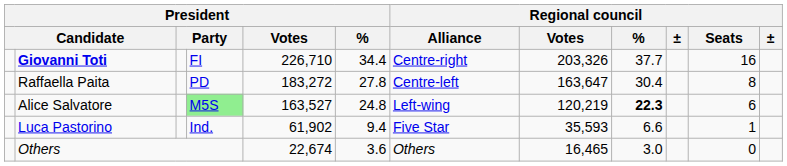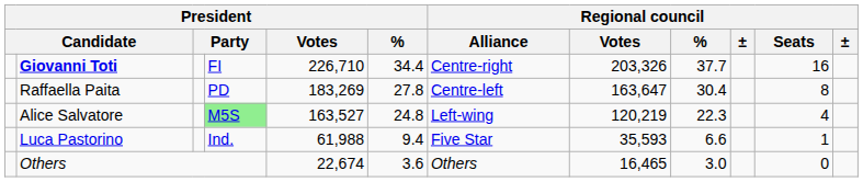 <table class="wikitable" style="text-align:right; style="width=70%">
 <tr>
 <th colspan="6">President</th>
 <th colspan="6">Regional council</th>
 </tr>
 <tr>
 <th colspan="2">Candidate</th>
 <th colspan="2">Party</th>
 <th>Votes</th>
 <th>%</th>
 <th>Alliance</th>
 <th>Votes</th>
 <th>%</th>
 <th>±</th>
 <th>Seats</th>
 <th>±</th>
 </tr>
 <tr>
 <td></td>
 <td style="text-align:left"><strong><a href='#'>Giovanni Toti</a></strong></td>
 <td></td>
 <td style="text-align:left"><a href='#'>FI</a></td>
 <td>226,710</td>
 <td>34.4</td>
 <td style="text-align:left"><a href='#'>Centre-right</a></td>
 <td>203,326</td>
 <td>37.7</td>
 <td></td>
 <td>16</td>
 <td></td>
 </tr>
 <tr>
 <td></td>
 <td style="text-align:left">Raffaella Paita</td>
 <td></td>
 <td style="text-align:left"><a href='#'>PD</a></td>
-<td>183,272</td>
+<td>183,269</td>
 <td>27.8</td>
 <td style="text-align:left"><a href='#'>Centre-left</a></td>
 <td>163,647</td>
 <td>30.4</td>
 <td></td>
 <td>8</td>
 <td></td>
 </tr>
 <tr>
 <td></td>
 <td style="text-align:left">Alice Salvatore</td>
 <td></td>
 <td style="background: lightgreen; text-align:left"><a href='#'>M5S</a></td>
 <td>163,527</td>
 <td>24.8</td>
 <td style="text-align:left"><a href='#'>Left-wing</a></td>
 <td>120,219</td>
-<td><strong>22.3</strong></td>
+<td>22.3</td>
 <td></td>
-<td>6</td>
+<td>4</td>
 <td></td>
 </tr>
 <tr>
 <td></td>
 <td style="text-align:left"><a href='#'>Luca Pastorino</a></td>
 <td></td>
 <td style="text-align:left"><a href='#'>Ind.</a></td>
-<td>61,902</td>
+<td>61,988</td>
 <td>9.4</td>
 <td style="text-align:left"><a href='#'>Five Star</a></td>
 <td>35,593</td>
 <td>6.6</td>
 <td></td>
 <td>1</td>
 <td></td>
 </tr>
 <tr>
 <td></td>
 <td colspan="3" style="text-align:left"><em>Others</em></td>
 <td>22,674</td>
 <td>3.6</td>
 <td style="text-align:left"><em>Others</em></td>
 <td>16,465</td>
 <td>3.0</td>
 <td></td>
 <td>0</td>
 <td></td>
 </tr>
 </table>
